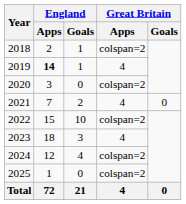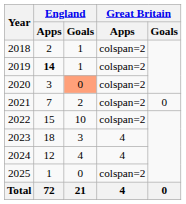 <table class="wikitable" style="text-align:center">
 <tr>
 <th rowspan=2>Year</th>
 <th colspan=2><a href='#'>England</a></th>
 <th colspan=2><a href='#'>Great Britain</a></th>
 </tr>
 <tr>
 <th>Apps</th>
 <th>Goals</th>
 <th>Apps</th>
 <th>Goals</th>
 </tr>
 <tr>
 <td>2018</td>
 <td>2</td>
 <td>1</td>
 <td>colspan=2</td>
 </tr>
 <tr>
 <td>2019</td>
 <td><strong>14</strong></td>
 <td>1</td>
-<td>4</td>
+<td>colspan=2</td>
 </tr>
 <tr>
 <td>2020</td>
 <td>3</td>
-<td>0</td>
+<td style="background: lightsalmon;">0</td>
 <td>colspan=2</td>
 </tr>
 <tr>
 <td>2021</td>
 <td>7</td>
 <td>2</td>
-<td>4</td>
+<td>colspan=2</td>
 <td>0</td>
 </tr>
 <tr>
 <td>2022</td>
 <td>15</td>
 <td>10</td>
 <td>colspan=2</td>
 </tr>
 <tr>
 <td>2023</td>
 <td>18</td>
 <td>3</td>
 <td>4</td>
 </tr>
 <tr>
 <td>2024</td>
 <td>12</td>
 <td>4</td>
-<td>colspan=2</td>
+<td>4</td>
 </tr>
 <tr>
 <td>2025</td>
 <td>1</td>
 <td>0</td>
 <td>colspan=2</td>
 </tr>
 <tr>
 <th>Total</th>
 <th>72</th>
 <th>21</th>
 <th>4</th>
 <th>0</th>
 </tr>
 </table>
